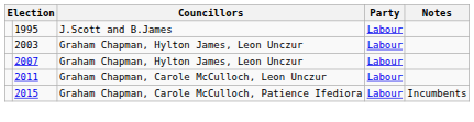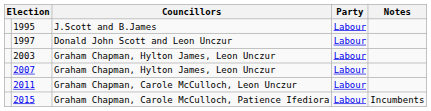 <table class="wikitable">
 <tr>
 <th colspan="2">Election</th>
 <th>Councillors</th>
 <th>Party</th>
 <th>Notes</th>
 </tr>
 <tr>
 <td style="background-color: "></td>
 <td>1995</td>
 <td>J.Scott and B.James</td>
+<td><a href='#'>Labour</a></td>
+<td></td>
+</tr>
+<tr>
+<td style="background-color: "></td>
+<td>1997</td>
+<td>Donald John Scott and Leon Unczur</td>
 <td><a href='#'>Labour</a></td>
 <td></td>
 </tr>
 <tr>
 <td style="background-color: "></td>
 <td>2003</td>
 <td>Graham Chapman, Hylton James, Leon Unczur</td>
 <td><a href='#'>Labour</a></td>
 <td></td>
 </tr>
 <tr>
 <td style="background-color: "></td>
 <td><a href='#'>2007</a></td>
 <td>Graham Chapman, Hylton James, Leon Unczur</td>
 <td><a href='#'>Labour</a></td>
 <td></td>
 </tr>
 <tr>
 <td style="background-color: "></td>
 <td><a href='#'>2011</a></td>
 <td>Graham Chapman, Carole McCulloch, Leon Unczur</td>
 <td><a href='#'>Labour</a></td>
 <td></td>
 </tr>
 <tr>
 <td style="background-color: "></td>
 <td><a href='#'>2015</a></td>
 <td>Graham Chapman, Carole McCulloch, Patience Ifediora</td>
 <td><a href='#'>Labour</a></td>
 <td>Incumbents</td>
 </tr>
 </table>
